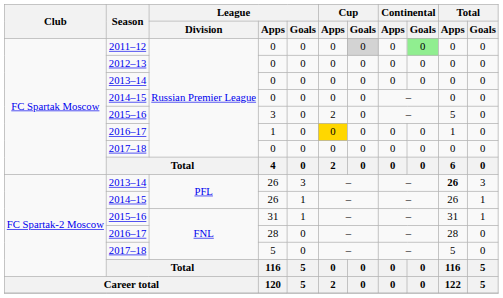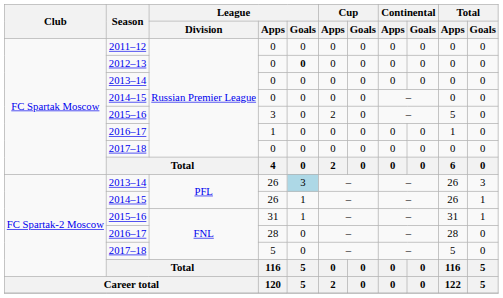 <table class="wikitable" style="text-align: center;">
 <tr>
 <th rowspan=2>Club</th>
 <th rowspan=2>Season</th>
 <th colspan=3>League</th>
 <th colspan=2>Cup</th>
 <th colspan=2>Continental</th>
 <th colspan=2>Total</th>
 </tr>
 <tr>
 <th>Division</th>
 <th>Apps</th>
 <th>Goals</th>
 <th>Apps</th>
 <th>Goals</th>
 <th>Apps</th>
 <th>Goals</th>
 <th>Apps</th>
 <th>Goals</th>
 </tr>
 <tr>
 <td rowspan=8><a href='#'>FC Spartak Moscow</a></td>
 <td><a href='#'>2011–12</a></td>
 <td rowspan=7><a href='#'>Russian Premier League</a></td>
 <td>0</td>
 <td>0</td>
 <td>0</td>
-<td style="background: lightgrey;">0</td>
 <td>0</td>
-<td style="background: lightgreen;">0</td>
+<td>0</td>
+<td>0</td>
 <td>0</td>
 <td>0</td>
 </tr>
 <tr>
 <td><a href='#'>2012–13</a></td>
 <td>0</td>
-<td>0</td>
+<td><strong>0</strong></td>
 <td>0</td>
 <td>0</td>
 <td>0</td>
 <td>0</td>
 <td>0</td>
 <td>0</td>
 </tr>
 <tr>
 <td><a href='#'>2013–14</a></td>
 <td>0</td>
 <td>0</td>
 <td>0</td>
 <td>0</td>
 <td>0</td>
 <td>0</td>
 <td>0</td>
 <td>0</td>
 </tr>
 <tr>
 <td><a href='#'>2014–15</a></td>
 <td>0</td>
 <td>0</td>
 <td>0</td>
 <td>0</td>
 <td colspan=2>–</td>
 <td>0</td>
 <td>0</td>
 </tr>
 <tr>
 <td><a href='#'>2015–16</a></td>
 <td>3</td>
 <td>0</td>
 <td>2</td>
 <td>0</td>
 <td colspan=2>–</td>
 <td>5</td>
 <td>0</td>
 </tr>
 <tr>
 <td><a href='#'>2016–17</a></td>
 <td>1</td>
 <td>0</td>
-<td style="background: gold;">0</td>
+<td>0</td>
 <td>0</td>
 <td>0</td>
 <td>0</td>
 <td>1</td>
 <td>0</td>
 </tr>
 <tr>
 <td><a href='#'>2017–18</a></td>
 <td>0</td>
 <td>0</td>
 <td>0</td>
 <td>0</td>
 <td>0</td>
 <td>0</td>
 <td>0</td>
 <td>0</td>
 </tr>
 <tr>
 <th colspan=2>Total</th>
 <th>4</th>
 <th>0</th>
 <th>2</th>
 <th>0</th>
 <th>0</th>
 <th>0</th>
 <th>6</th>
 <th>0</th>
 </tr>
 <tr>
 <td rowspan=6><a href='#'>FC Spartak-2 Moscow</a></td>
 <td><a href='#'>2013–14</a></td>
 <td rowspan=2><a href='#'>PFL</a></td>
 <td>26</td>
-<td>3</td>
+<td style="background: lightblue;">3</td>
 <td colspan=2>–</td>
 <td colspan=2>–</td>
-<td><strong>26</strong></td>
+<td>26</td>
 <td>3</td>
 </tr>
 <tr>
 <td><a href='#'>2014–15</a></td>
 <td>26</td>
 <td>1</td>
 <td colspan=2>–</td>
 <td colspan=2>–</td>
 <td>26</td>
 <td>1</td>
 </tr>
 <tr>
 <td><a href='#'>2015–16</a></td>
 <td rowspan=3><a href='#'>FNL</a></td>
 <td>31</td>
 <td>1</td>
 <td colspan=2>–</td>
 <td colspan=2>–</td>
 <td>31</td>
 <td>1</td>
 </tr>
 <tr>
 <td><a href='#'>2016–17</a></td>
 <td>28</td>
 <td>0</td>
 <td colspan=2>–</td>
 <td colspan=2>–</td>
 <td>28</td>
 <td>0</td>
 </tr>
 <tr>
 <td><a href='#'>2017–18</a></td>
 <td>5</td>
 <td>0</td>
 <td colspan=2>–</td>
 <td colspan=2>–</td>
 <td>5</td>
 <td>0</td>
 </tr>
 <tr>
 <th colspan=2>Total</th>
 <th>116</th>
 <th>5</th>
 <th>0</th>
 <th>0</th>
 <th>0</th>
 <th>0</th>
 <th>116</th>
 <th>5</th>
 </tr>
 <tr>
 <th colspan=3>Career total</th>
 <th>120</th>
 <th>5</th>
 <th>2</th>
 <th>0</th>
 <th>0</th>
 <th>0</th>
 <th>122</th>
 <th>5</th>
 </tr>
 <tr>
 </tr>
 </table>
